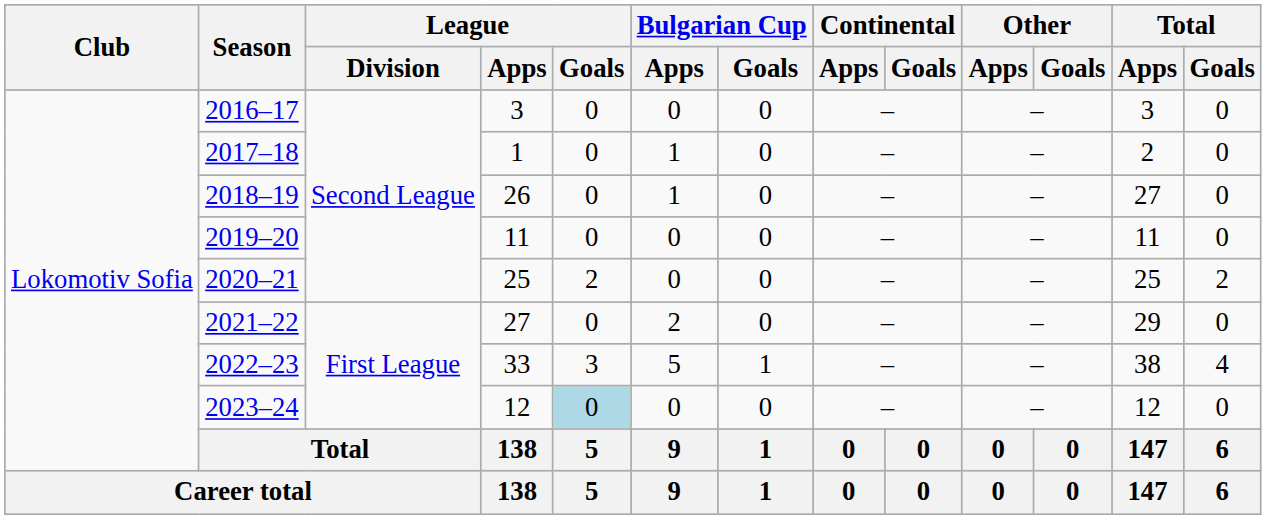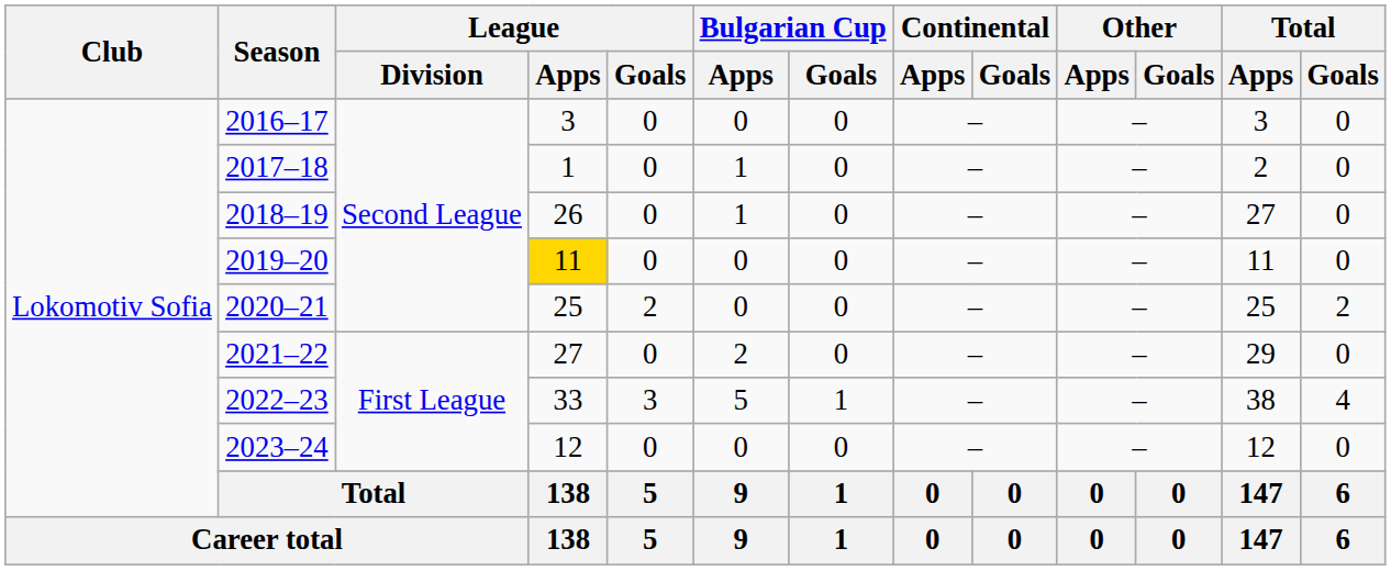 <table class="wikitable" style="text-align:center">
 <tr>
 <th rowspan="2">Club</th>
 <th rowspan="2">Season</th>
 <th colspan="3">League</th>
 <th colspan="2"><a href='#'>Bulgarian Cup</a></th>
 <th colspan="2">Continental</th>
 <th colspan="2">Other</th>
 <th colspan="2">Total</th>
 </tr>
 <tr>
 <th>Division</th>
 <th>Apps</th>
 <th>Goals</th>
 <th>Apps</th>
 <th>Goals</th>
 <th>Apps</th>
 <th>Goals</th>
 <th>Apps</th>
 <th>Goals</th>
 <th>Apps</th>
 <th>Goals</th>
 </tr>
 <tr>
 <td rowspan="9"><a href='#'>Lokomotiv Sofia</a></td>
 <td><a href='#'>2016–17</a></td>
 <td rowspan="5"><a href='#'>Second League</a></td>
 <td>3</td>
 <td>0</td>
 <td>0</td>
 <td>0</td>
 <td colspan="2">–</td>
 <td colspan="2">–</td>
 <td>3</td>
 <td>0</td>
 </tr>
 <tr>
 <td><a href='#'>2017–18</a></td>
 <td>1</td>
 <td>0</td>
 <td>1</td>
 <td>0</td>
 <td colspan="2">–</td>
 <td colspan="2">–</td>
 <td>2</td>
 <td>0</td>
 </tr>
 <tr>
 <td><a href='#'>2018–19</a></td>
 <td>26</td>
 <td>0</td>
 <td>1</td>
 <td>0</td>
 <td colspan="2">–</td>
 <td colspan="2">–</td>
 <td>27</td>
 <td>0</td>
 </tr>
 <tr>
 <td><a href='#'>2019–20</a></td>
-<td>11</td>
+<td style="background: gold;">11</td>
 <td>0</td>
 <td>0</td>
 <td>0</td>
 <td colspan="2">–</td>
 <td colspan="2">–</td>
 <td>11</td>
 <td>0</td>
 </tr>
 <tr>
 <td><a href='#'>2020–21</a></td>
 <td>25</td>
 <td>2</td>
 <td>0</td>
 <td>0</td>
 <td colspan="2">–</td>
 <td colspan="2">–</td>
 <td>25</td>
 <td>2</td>
 </tr>
 <tr>
 <td><a href='#'>2021–22</a></td>
 <td rowspan="3"><a href='#'>First League</a></td>
 <td>27</td>
 <td>0</td>
 <td>2</td>
 <td>0</td>
 <td colspan="2">–</td>
 <td colspan="2">–</td>
 <td>29</td>
 <td>0</td>
 </tr>
 <tr>
 <td><a href='#'>2022–23</a></td>
 <td>33</td>
 <td>3</td>
 <td>5</td>
 <td>1</td>
 <td colspan="2">–</td>
 <td colspan="2">–</td>
 <td>38</td>
 <td>4</td>
 </tr>
 <tr>
 <td><a href='#'>2023–24</a></td>
 <td>12</td>
-<td style="background: lightblue;">0</td>
+<td>0</td>
 <td>0</td>
 <td>0</td>
 <td colspan="2">–</td>
 <td colspan="2">–</td>
 <td>12</td>
 <td>0</td>
 </tr>
 <tr>
 <th colspan="2">Total</th>
 <th>138</th>
 <th>5</th>
 <th>9</th>
 <th>1</th>
 <th>0</th>
 <th>0</th>
 <th>0</th>
 <th>0</th>
 <th>147</th>
 <th>6</th>
 </tr>
 <tr>
 <th colspan="3">Career total</th>
 <th>138</th>
 <th>5</th>
 <th>9</th>
 <th>1</th>
 <th>0</th>
 <th>0</th>
 <th>0</th>
 <th>0</th>
 <th>147</th>
 <th>6</th>
 </tr>
 </table>
